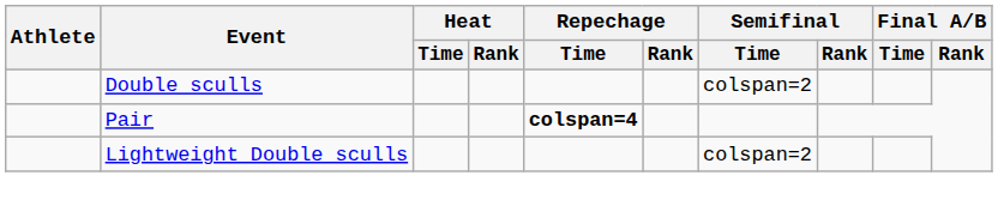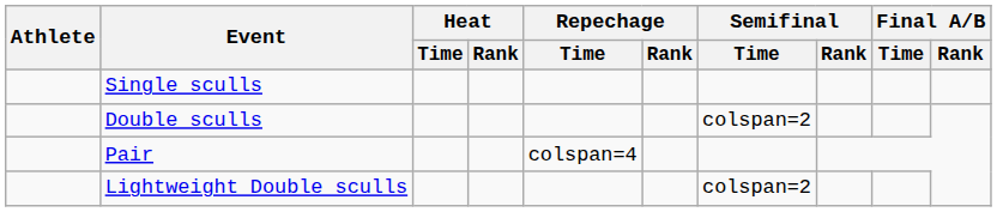 <table class=wikitable style=font-size:90%;text-align:center>
 <tr>
 <th rowspan=2>Athlete</th>
 <th rowspan=2>Event</th>
 <th colspan=2>Heat</th>
 <th colspan=2>Repechage</th>
 <th colspan=2>Semifinal</th>
 <th colspan=2>Final A/B</th>
 </tr>
 <tr style=font-size:95%>
 <th>Time</th>
 <th>Rank</th>
 <th>Time</th>
 <th>Rank</th>
 <th>Time</th>
 <th>Rank</th>
 <th>Time</th>
 <th>Rank</th>
 </tr>
 <tr>
 <td align=left></td>
+<td align=left><a href='#'>Single sculls</a></td>
+<td></td>
+<td></td>
+<td></td>
+<td></td>
+<td></td>
+<td></td>
+<td></td>
+<td></td>
+</tr>
+<tr>
+<td align=left></td>
 <td align=left><a href='#'>Double sculls</a></td>
 <td></td>
 <td></td>
 <td></td>
 <td></td>
 <td>colspan=2 </td>
 <td></td>
 <td></td>
 </tr>
 <tr>
 <td align=left></td>
 <td align=left><a href='#'>Pair</a></td>
 <td></td>
 <td></td>
-<td><strong>colspan=4 </strong></td>
+<td>colspan=4 </td>
 <td></td>
 <td></td>
 </tr>
 <tr>
 <td align=left></td>
 <td align=left><a href='#'>Lightweight Double sculls</a></td>
 <td></td>
 <td></td>
 <td></td>
 <td></td>
 <td>colspan=2 </td>
 <td></td>
 <td></td>
 </tr>
 </table>
